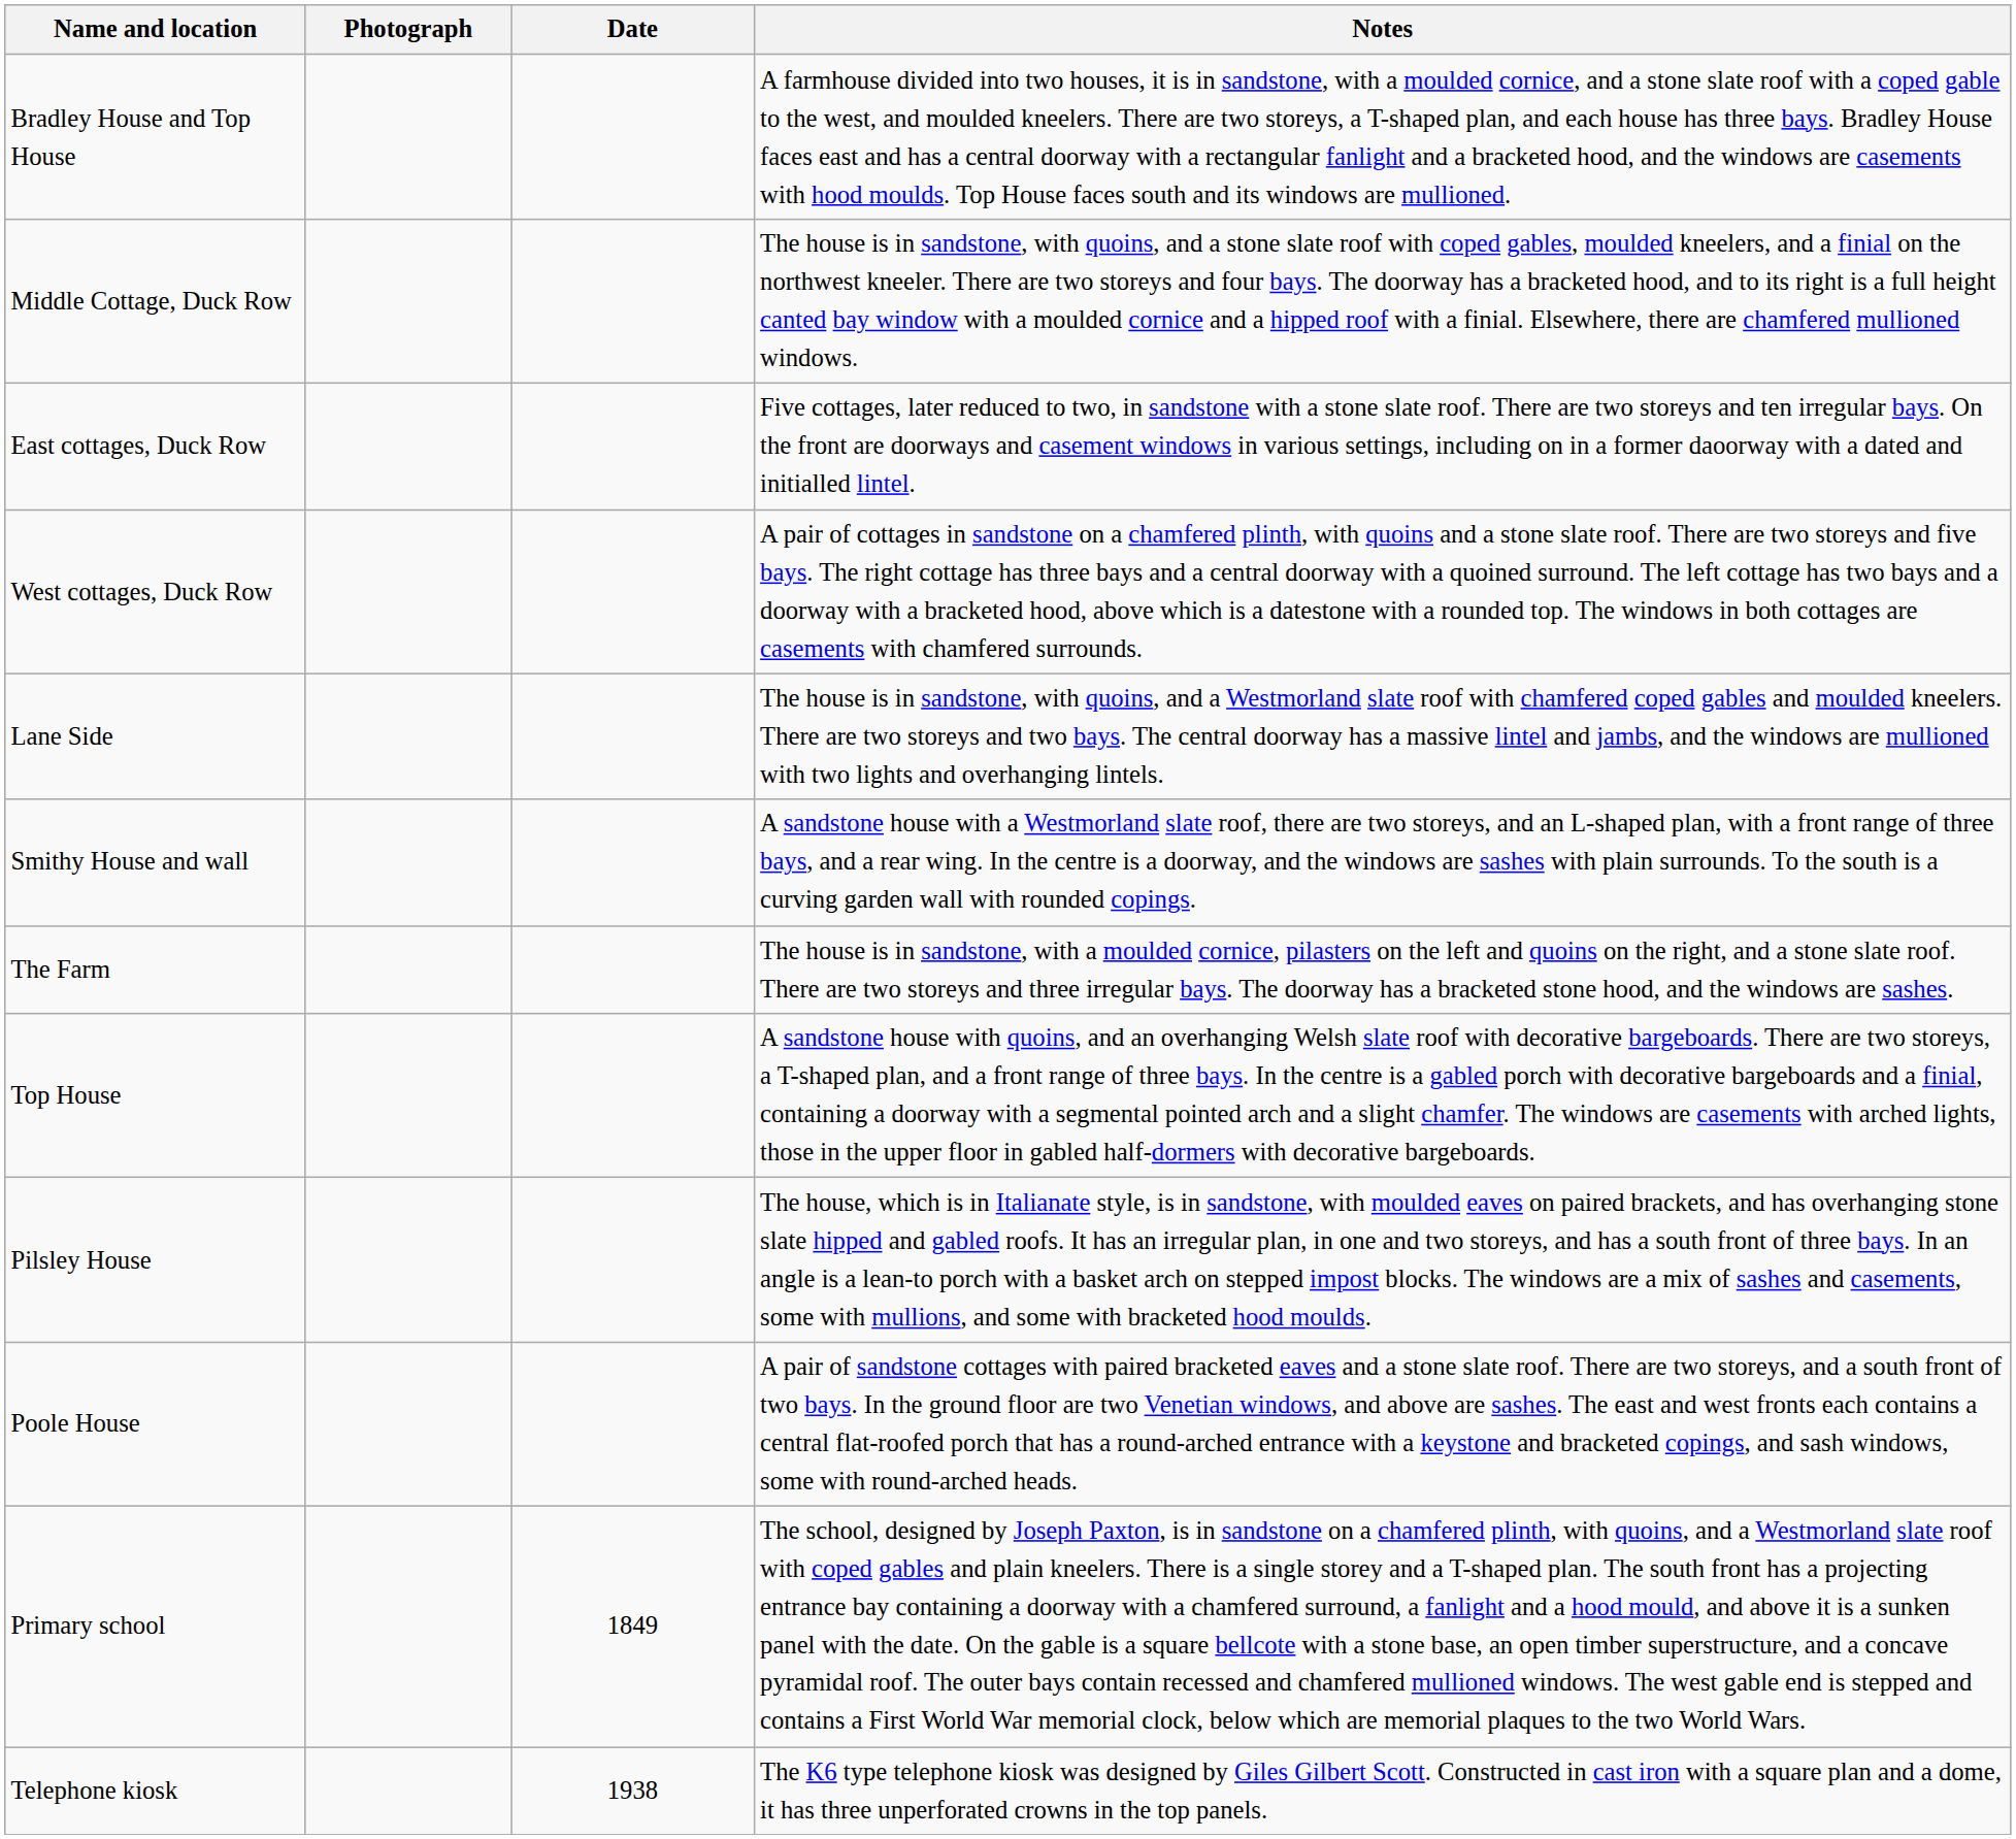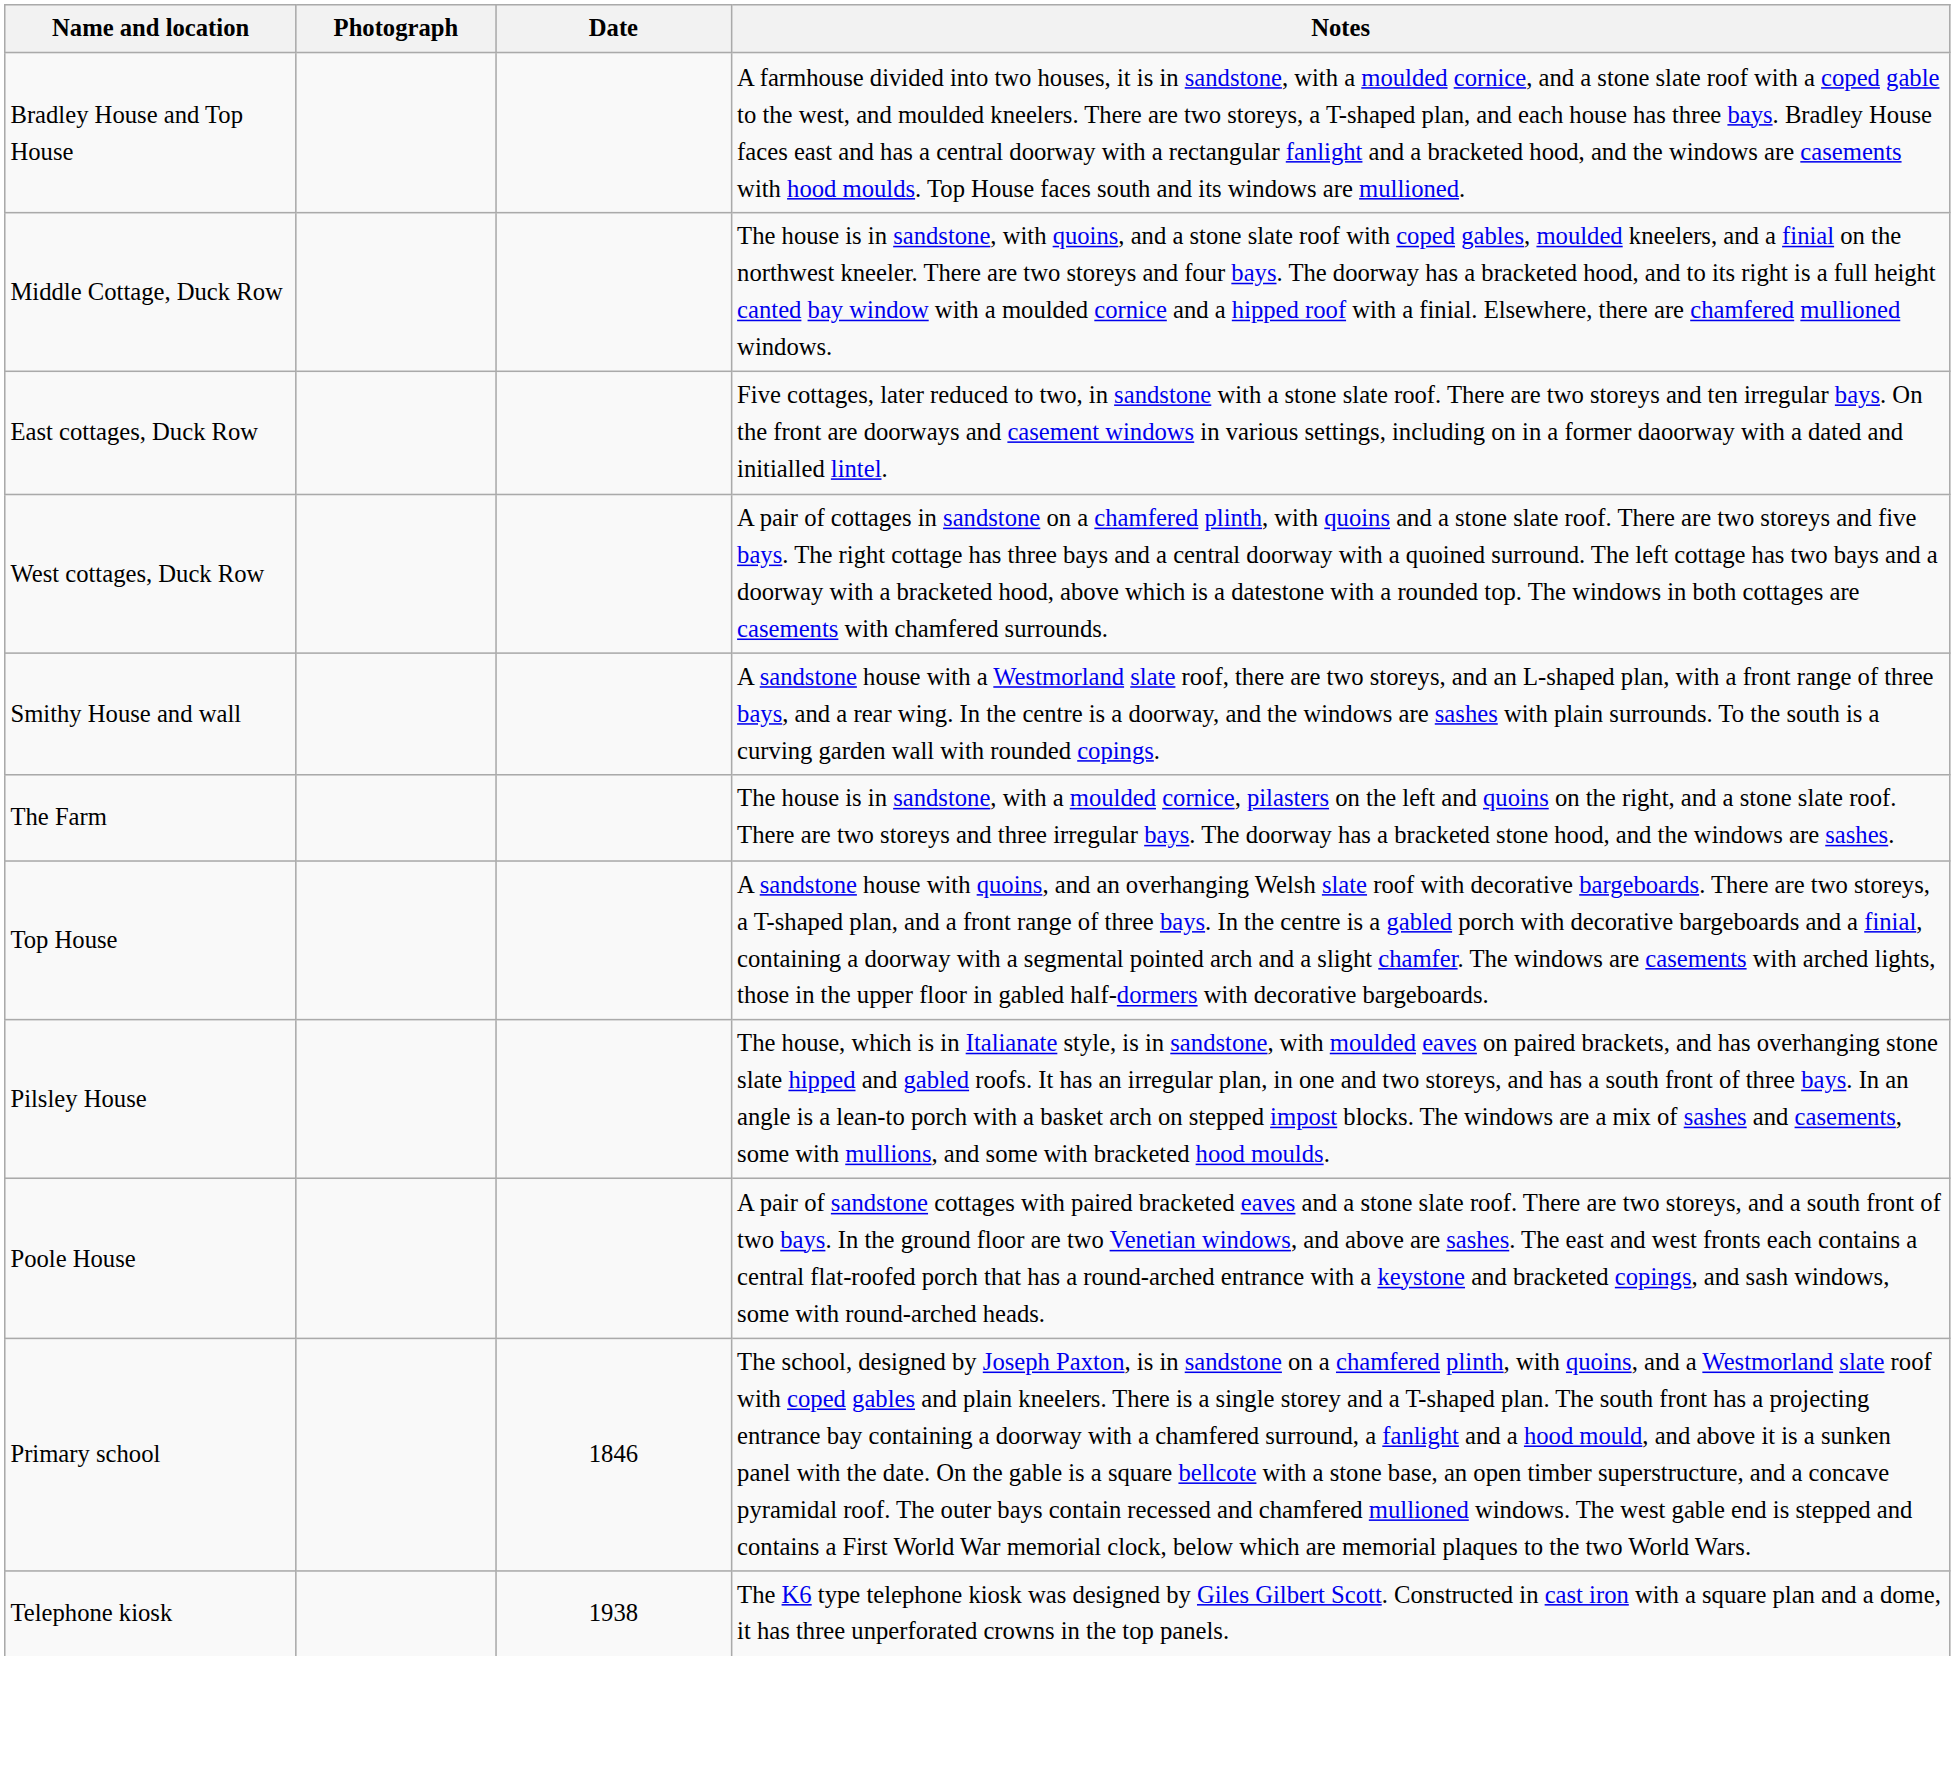 <table class="wikitable sortable plainrowheaders" style="width:100%;border:0px;text-align:left;line-height:150%;">
 <tr>
 <th scope="col"  style="width:150px">Name and location</th>
 <th scope="col"  style="width:100px" class="unsortable">Photograph</th>
 <th scope="col"  style="width:120px">Date</th>
 <th scope="col"  style="width:650px" class="unsortable">Notes</th>
 </tr>
 <tr>
 <td>Bradley House and Top House<br><small></small></td>
 <td></td>
 <td align="center"></td>
 <td>A farmhouse divided into two houses, it is in <a href='#'>sandstone</a>, with a <a href='#'>moulded</a> <a href='#'>cornice</a>, and a stone slate roof with a <a href='#'>coped</a> <a href='#'>gable</a> to the west, and moulded kneelers.  There are two storeys, a T-shaped plan, and each house has three <a href='#'>bays</a>.  Bradley House faces east and has a central doorway with a rectangular <a href='#'>fanlight</a> and a bracketed hood, and the windows are <a href='#'>casements</a> with <a href='#'>hood moulds</a>.  Top House faces south and its windows are <a href='#'>mullioned</a>.</td>
 </tr>
 <tr>
 <td>Middle Cottage, Duck Row<br><small></small></td>
 <td></td>
 <td align="center"></td>
 <td>The house is in <a href='#'>sandstone</a>, with <a href='#'>quoins</a>, and a stone slate roof with <a href='#'>coped</a> <a href='#'>gables</a>, <a href='#'>moulded</a> kneelers, and a <a href='#'>finial</a> on the northwest kneeler.  There are two storeys and four <a href='#'>bays</a>.  The doorway has a bracketed hood, and to its right is a full height <a href='#'>canted</a> <a href='#'>bay window</a> with a moulded <a href='#'>cornice</a> and a <a href='#'>hipped roof</a> with a finial. Elsewhere, there are <a href='#'>chamfered</a> <a href='#'>mullioned</a> windows.</td>
 </tr>
 <tr>
 <td>East cottages, Duck Row<br><small></small></td>
 <td></td>
 <td align="center"></td>
 <td>Five cottages, later reduced to two, in <a href='#'>sandstone</a> with a stone slate roof.  There are two storeys and ten irregular <a href='#'>bays</a>.  On the front are doorways and <a href='#'>casement windows</a> in various settings, including on in a former daoorway with a dated and initialled <a href='#'>lintel</a>.</td>
 </tr>
 <tr>
 <td>West cottages, Duck Row<br><small></small></td>
 <td></td>
 <td align="center"></td>
 <td>A pair of cottages in <a href='#'>sandstone</a> on a <a href='#'>chamfered</a> <a href='#'>plinth</a>, with <a href='#'>quoins</a> and a stone slate roof.  There are two storeys and five <a href='#'>bays</a>. The right cottage has three bays and a central doorway with a quoined surround.  The left cottage has two bays and a doorway with a bracketed hood, above which is a datestone with a rounded top.  The windows in both cottages are <a href='#'>casements</a> with chamfered surrounds.</td>
-</tr>
-<tr>
-<td>Lane Side<br><small></small></td>
-<td></td>
-<td align="center"></td>
-<td>The house is in <a href='#'>sandstone</a>, with <a href='#'>quoins</a>, and a <a href='#'>Westmorland</a> <a href='#'>slate</a> roof with <a href='#'>chamfered</a> <a href='#'>coped</a> <a href='#'>gables</a> and <a href='#'>moulded</a> kneelers.  There are two storeys and two <a href='#'>bays</a>.  The central doorway has a massive <a href='#'>lintel</a> and <a href='#'>jambs</a>, and the windows are <a href='#'>mullioned</a> with two lights and overhanging lintels.</td>
 </tr>
 <tr>
 <td>Smithy House and wall<br><small></small></td>
 <td></td>
 <td align="center"></td>
 <td>A <a href='#'>sandstone</a> house with a <a href='#'>Westmorland</a> <a href='#'>slate</a> roof, there are two storeys, and an L-shaped plan, with a front range of three <a href='#'>bays</a>, and a rear wing.  In the centre is a doorway, and the windows are <a href='#'>sashes</a> with plain surrounds.  To the south is a curving garden wall with rounded <a href='#'>copings</a>.</td>
 </tr>
 <tr>
 <td>The Farm<br><small></small></td>
 <td></td>
 <td align="center"></td>
 <td>The house is in <a href='#'>sandstone</a>, with a <a href='#'>moulded</a> <a href='#'>cornice</a>, <a href='#'>pilasters</a> on the left and <a href='#'>quoins</a> on the right, and a stone slate roof.  There are two storeys and three irregular <a href='#'>bays</a>.  The doorway has a bracketed stone hood, and the windows are <a href='#'>sashes</a>.</td>
 </tr>
 <tr>
 <td>Top House<br><small></small></td>
 <td></td>
 <td align="center"></td>
 <td>A <a href='#'>sandstone</a> house with <a href='#'>quoins</a>, and an overhanging Welsh <a href='#'>slate</a> roof with decorative <a href='#'>bargeboards</a>.  There are two storeys, a T-shaped plan, and a front range of three <a href='#'>bays</a>.  In the centre is a <a href='#'>gabled</a> porch with decorative bargeboards and a <a href='#'>finial</a>, containing a doorway with a segmental pointed arch and a slight <a href='#'>chamfer</a>.  The windows are <a href='#'>casements</a> with arched lights, those in the upper floor in gabled half-<a href='#'>dormers</a> with decorative bargeboards.</td>
 </tr>
 <tr>
 <td>Pilsley House<br><small></small></td>
 <td></td>
 <td align="center"></td>
 <td>The house, which is in <a href='#'>Italianate</a> style, is in <a href='#'>sandstone</a>, with <a href='#'>moulded</a> <a href='#'>eaves</a> on paired brackets, and has overhanging stone slate <a href='#'>hipped</a> and <a href='#'>gabled</a> roofs.  It has an irregular plan, in one and two storeys, and has a south front of three <a href='#'>bays</a>.  In an angle is a lean-to porch with a basket arch on stepped <a href='#'>impost</a> blocks.  The windows are a mix of <a href='#'>sashes</a> and <a href='#'>casements</a>, some with <a href='#'>mullions</a>, and some with bracketed <a href='#'>hood moulds</a>.</td>
 </tr>
 <tr>
 <td>Poole House<br><small></small></td>
 <td></td>
 <td align="center"></td>
 <td>A pair of <a href='#'>sandstone</a> cottages with paired bracketed <a href='#'>eaves</a> and a stone slate roof.  There are two storeys, and a south front of two <a href='#'>bays</a>.  In the ground floor are two <a href='#'>Venetian windows</a>, and above are <a href='#'>sashes</a>.  The east and west fronts each contains a central flat-roofed porch that has a round-arched entrance with a <a href='#'>keystone</a> and bracketed <a href='#'>copings</a>, and sash windows, some with round-arched heads.</td>
 </tr>
 <tr>
 <td>Primary school<br><small></small></td>
 <td></td>
-<td align="center">1849</td>
+<td align="center">1846</td>
 <td>The school, designed by <a href='#'>Joseph Paxton</a>, is in <a href='#'>sandstone</a> on a <a href='#'>chamfered</a> <a href='#'>plinth</a>, with <a href='#'>quoins</a>, and a <a href='#'>Westmorland</a> <a href='#'>slate</a> roof with <a href='#'>coped</a> <a href='#'>gables</a> and plain kneelers.  There is a single storey and a T-shaped plan.  The south front has a projecting entrance bay containing a doorway with a chamfered surround, a <a href='#'>fanlight</a> and a <a href='#'>hood mould</a>, and above it is a sunken panel with the date.  On the gable is a square <a href='#'>bellcote</a> with a stone base, an open timber superstructure, and a concave pyramidal roof.  The outer bays contain recessed and chamfered <a href='#'>mullioned</a> windows.  The west gable end is stepped and contains a First World War memorial clock, below which are memorial plaques to the two World Wars.</td>
 </tr>
 <tr>
 <td>Telephone kiosk<br><small></small></td>
 <td></td>
 <td align="center">1938</td>
 <td>The <a href='#'>K6</a> type telephone kiosk was designed by <a href='#'>Giles Gilbert Scott</a>.  Constructed in <a href='#'>cast iron</a> with a square plan and a dome, it has three unperforated crowns in the top panels.</td>
 </tr>
 <tr>
 </tr>
 </table>
